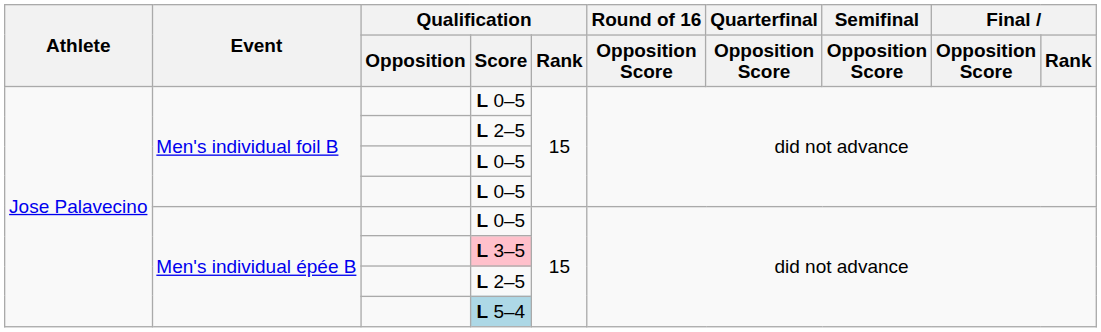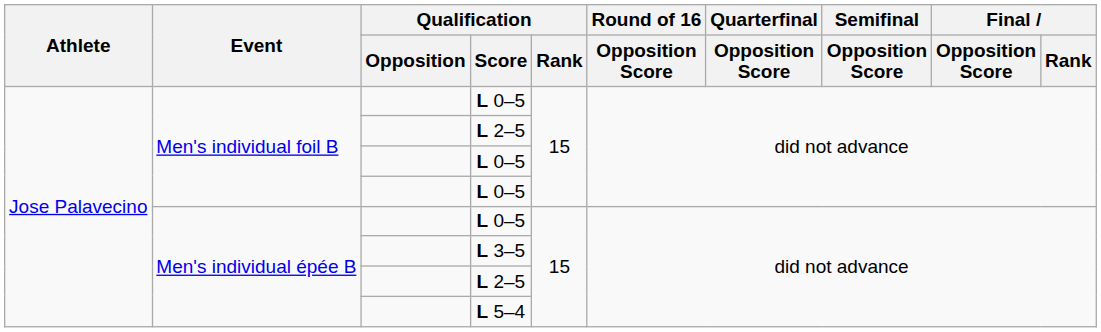 <table class=wikitable style="font-size:90%">
 <tr>
 <th rowspan="2">Athlete</th>
 <th rowspan="2">Event</th>
 <th colspan="3">Qualification</th>
 <th>Round of 16</th>
 <th>Quarterfinal</th>
 <th>Semifinal</th>
 <th colspan="2">Final / </th>
 </tr>
 <tr>
 <th>Opposition</th>
 <th>Score</th>
 <th>Rank</th>
 <th>Opposition<br>Score</th>
 <th>Opposition<br>Score</th>
 <th>Opposition<br>Score</th>
 <th>Opposition<br>Score</th>
 <th>Rank</th>
 </tr>
 <tr align=center>
 <td align=left rowspan=8><a href='#'>Jose Palavecino</a></td>
 <td align=left rowspan=4><a href='#'>Men's individual foil B</a></td>
 <td align=left></td>
 <td><strong>L</strong> 0–5</td>
 <td rowspan=4>15</td>
 <td rowspan=4 colspan=5>did not advance</td>
 </tr>
 <tr align=center>
 <td align=left></td>
 <td><strong>L</strong> 2–5</td>
 </tr>
 <tr align=center>
 <td align=left></td>
 <td><strong>L</strong> 0–5</td>
 </tr>
 <tr align=center>
 <td align=left></td>
 <td><strong>L</strong> 0–5</td>
 </tr>
 <tr align=center>
 <td align=left rowspan=4><a href='#'>Men's individual épée B</a></td>
 <td align=left></td>
 <td><strong>L</strong> 0–5</td>
 <td rowspan=4>15</td>
 <td rowspan=4 colspan=5>did not advance</td>
 </tr>
 <tr align=center>
 <td align=left></td>
-<td style="background: pink;"><strong>L</strong> 3–5</td>
+<td><strong>L</strong> 3–5</td>
 </tr>
 <tr align=center>
 <td align=left></td>
 <td><strong>L</strong> 2–5</td>
 </tr>
 <tr align=center>
 <td align=left></td>
-<td style="background: lightblue;"><strong>L</strong> 5–4</td>
+<td><strong>L</strong> 5–4</td>
 </tr>
 </table>
